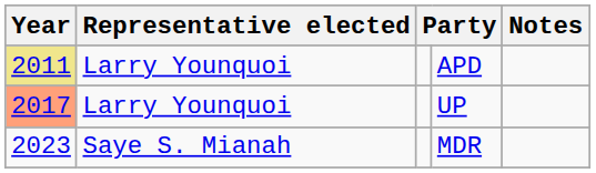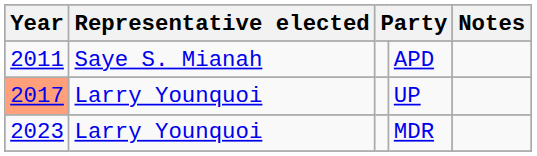 <table class="wikitable">
 <tr>
 <th>Year</th>
 <th>Representative elected</th>
 <th colspan=2>Party</th>
 <th>Notes</th>
 </tr>
 <tr>
-<td style="background: khaki;"><a href='#'>2011</a></td>
-<td><a href='#'>Larry Younquoi</a></td>
+<td><a href='#'>2011</a></td>
+<td><a href='#'>Saye S. Mianah</a></td>
 <td></td>
 <td><a href='#'>APD</a></td>
 <td></td>
 </tr>
 <tr>
 <td style="background: lightsalmon;"><a href='#'>2017</a></td>
 <td><a href='#'>Larry Younquoi</a></td>
 <td></td>
 <td><a href='#'>UP</a></td>
 <td></td>
 </tr>
 <tr>
 <td><a href='#'>2023</a></td>
-<td><a href='#'>Saye S. Mianah</a></td>
+<td><a href='#'>Larry Younquoi</a></td>
 <td></td>
 <td><a href='#'>MDR</a></td>
 <td></td>
 </tr>
 </table>
